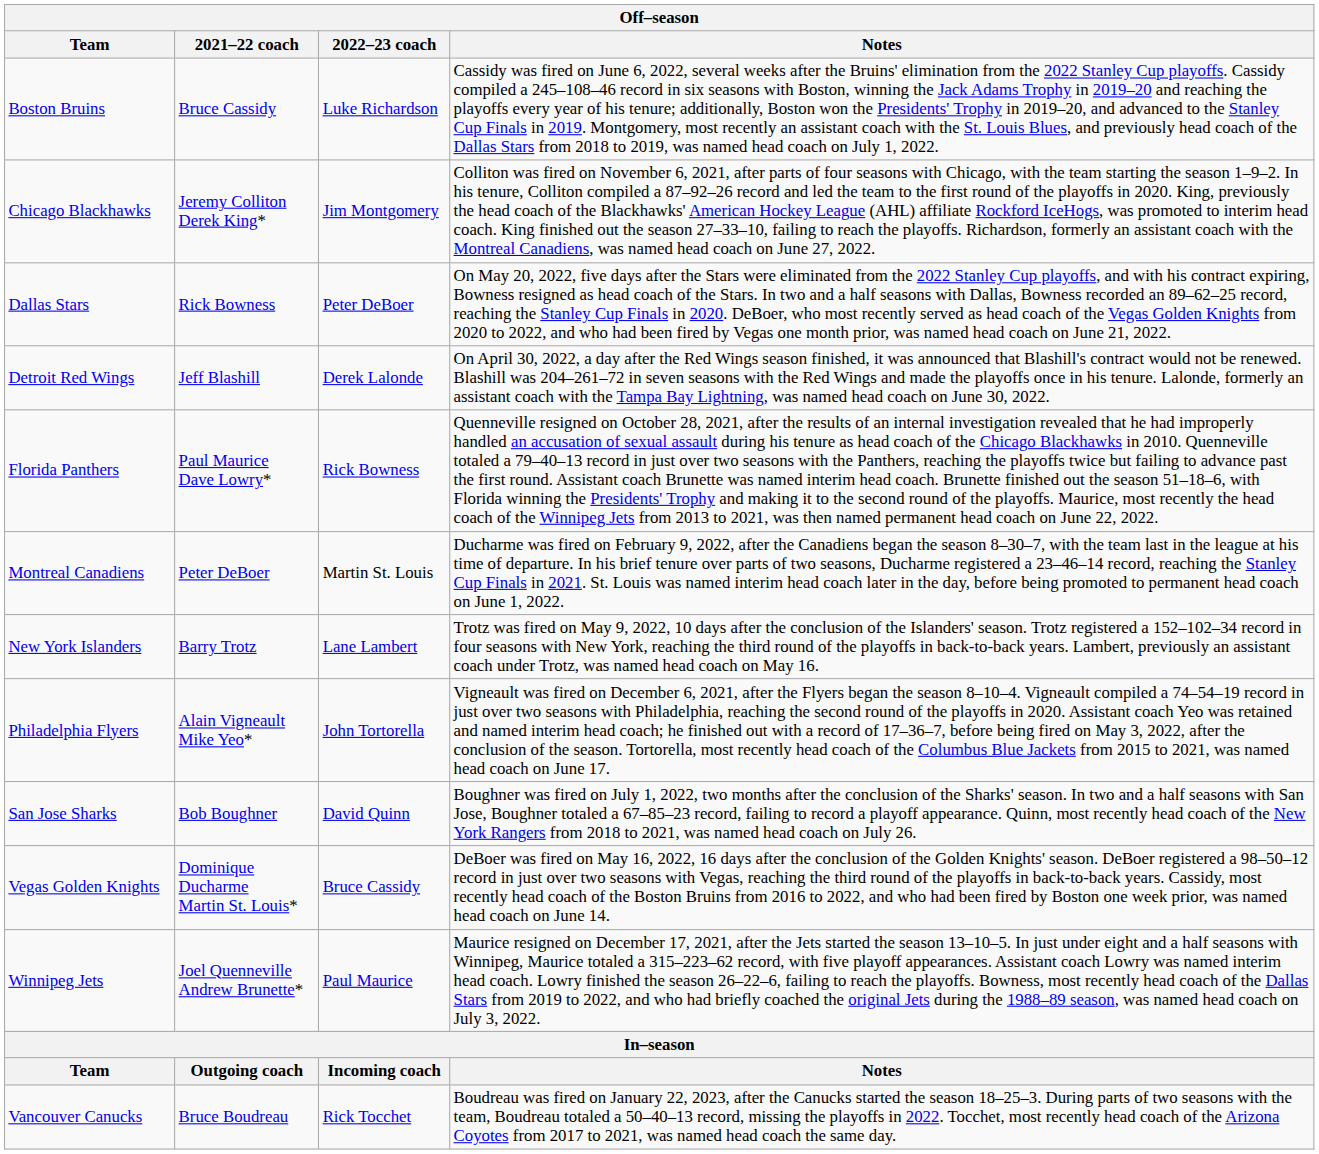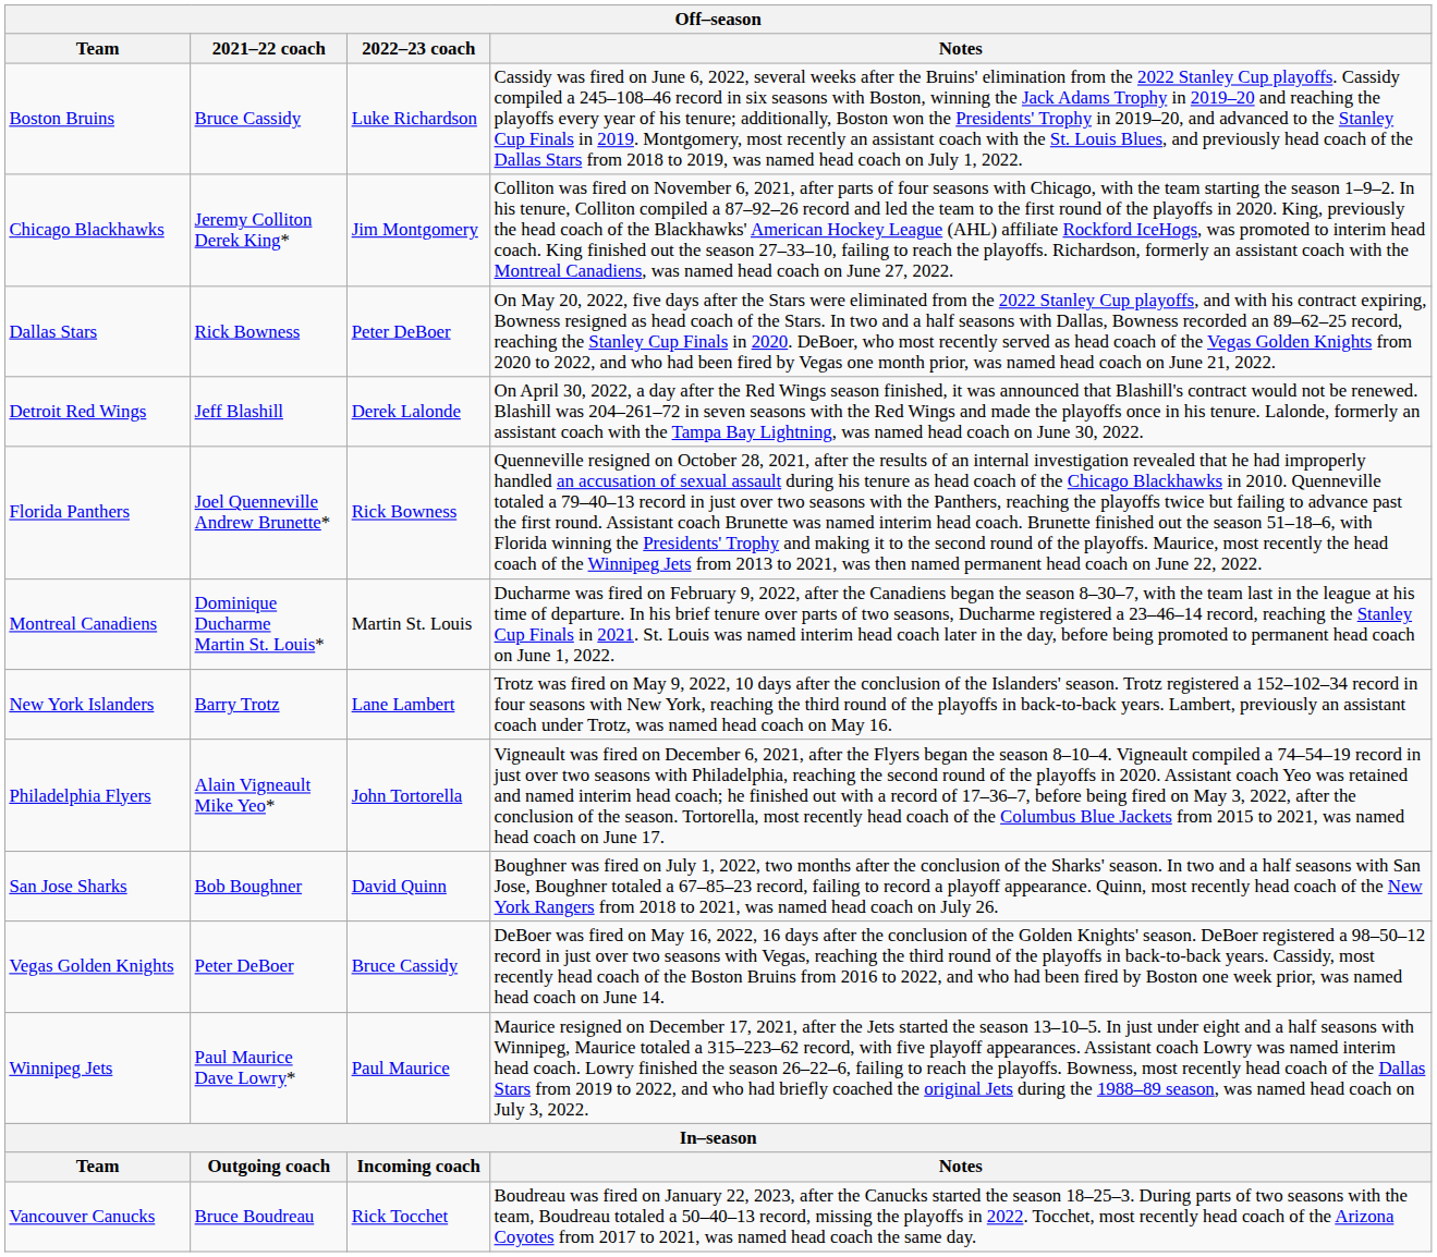 <table class="wikitable">
 <tr>
 <th colspan="4">Off–season</th>
 </tr>
 <tr>
 <th style="width:13%;">Team</th>
 <th style="width:11%;">2021–22 coach</th>
 <th style="width:10%;">2022–23 coach</th>
 <th>Notes</th>
 </tr>
 <tr>
 <td><a href='#'>Boston Bruins</a></td>
 <td><a href='#'>Bruce Cassidy</a></td>
 <td><a href='#'>Luke Richardson</a></td>
 <td>Cassidy was fired on June 6, 2022, several weeks after the Bruins' elimination from the <a href='#'>2022 Stanley Cup playoffs</a>. Cassidy compiled a 245–108–46 record in six seasons with Boston, winning the <a href='#'>Jack Adams Trophy</a> in <a href='#'>2019–20</a> and reaching the playoffs every year of his tenure; additionally, Boston won the <a href='#'>Presidents' Trophy</a> in 2019–20, and advanced to the <a href='#'>Stanley Cup Finals</a> in <a href='#'>2019</a>. Montgomery, most recently an assistant coach with the <a href='#'>St. Louis Blues</a>, and previously head coach of the <a href='#'>Dallas Stars</a> from 2018 to 2019, was named head coach on July 1, 2022.</td>
 </tr>
 <tr>
 <td><a href='#'>Chicago Blackhawks</a></td>
 <td><a href='#'>Jeremy Colliton</a><br><a href='#'>Derek King</a>*</td>
 <td><a href='#'>Jim Montgomery</a></td>
 <td>Colliton was fired on November 6, 2021, after parts of four seasons with Chicago, with the team starting the season 1–9–2. In his tenure, Colliton compiled a 87–92–26 record and led the team to the first round of the playoffs in 2020. King, previously the head coach of the Blackhawks' <a href='#'>American Hockey League</a> (AHL) affiliate <a href='#'>Rockford IceHogs</a>, was promoted to interim head coach. King finished out the season 27–33–10, failing to reach the playoffs. Richardson, formerly an assistant coach with the <a href='#'>Montreal Canadiens</a>, was named head coach on June 27, 2022.</td>
 </tr>
 <tr>
 <td><a href='#'>Dallas Stars</a></td>
 <td><a href='#'>Rick Bowness</a></td>
 <td><a href='#'>Peter DeBoer</a></td>
 <td>On May 20, 2022, five days after the Stars were eliminated from the <a href='#'>2022 Stanley Cup playoffs</a>, and with his contract expiring, Bowness resigned as head coach of the Stars. In two and a half seasons with Dallas, Bowness recorded an 89–62–25 record, reaching the <a href='#'>Stanley Cup Finals</a> in <a href='#'>2020</a>. DeBoer, who most recently served as head coach of the <a href='#'>Vegas Golden Knights</a> from 2020 to 2022, and who had been fired by Vegas one month prior, was named head coach on June 21, 2022.</td>
 </tr>
 <tr>
 <td><a href='#'>Detroit Red Wings</a></td>
 <td><a href='#'>Jeff Blashill</a></td>
 <td><a href='#'>Derek Lalonde</a></td>
 <td>On April 30, 2022, a day after the Red Wings season finished, it was announced that Blashill's contract would not be renewed. Blashill was 204–261–72 in seven seasons with the Red Wings and made the playoffs once in his tenure. Lalonde, formerly an assistant coach with the <a href='#'>Tampa Bay Lightning</a>, was named head coach on June 30, 2022.</td>
 </tr>
 <tr>
 <td><a href='#'>Florida Panthers</a></td>
-<td><a href='#'>Paul Maurice</a><br><a href='#'>Dave Lowry</a>*</td>
+<td><a href='#'>Joel Quenneville</a><br><a href='#'>Andrew Brunette</a>*</td>
 <td><a href='#'>Rick Bowness</a></td>
 <td>Quenneville resigned on October 28, 2021, after the results of an internal investigation revealed that he had improperly handled <a href='#'>an accusation of sexual assault</a> during his tenure as head coach of the <a href='#'>Chicago Blackhawks</a> in 2010. Quenneville totaled a 79–40–13 record in just over two seasons with the Panthers, reaching the playoffs twice but failing to advance past the first round. Assistant coach Brunette was named interim head coach. Brunette finished out the season 51–18–6, with Florida winning the <a href='#'>Presidents' Trophy</a> and making it to the second round of the playoffs. Maurice, most recently the head coach of the <a href='#'>Winnipeg Jets</a> from 2013 to 2021, was then named permanent head coach on June 22, 2022.</td>
 </tr>
 <tr>
 <td><a href='#'>Montreal Canadiens</a></td>
-<td><a href='#'>Peter DeBoer</a></td>
+<td><a href='#'>Dominique Ducharme</a><br><a href='#'>Martin St. Louis</a>*</td>
 <td>Martin St. Louis</td>
 <td>Ducharme was fired on February 9, 2022, after the Canadiens began the season 8–30–7, with the team last in the league at his time of departure. In his brief tenure over parts of two seasons, Ducharme registered a 23–46–14 record, reaching the <a href='#'>Stanley Cup Finals</a> in <a href='#'>2021</a>. St. Louis was named interim head coach later in the day, before being promoted to permanent head coach on June 1, 2022.</td>
 </tr>
 <tr>
 <td><a href='#'>New York Islanders</a></td>
 <td><a href='#'>Barry Trotz</a></td>
 <td><a href='#'>Lane Lambert</a></td>
 <td>Trotz was fired on May 9, 2022, 10 days after the conclusion of the Islanders' season. Trotz registered a 152–102–34 record in four seasons with New York, reaching the third round of the playoffs in back-to-back years. Lambert, previously an assistant coach under Trotz, was named head coach on May 16.</td>
 </tr>
 <tr>
 <td><a href='#'>Philadelphia Flyers</a></td>
 <td><a href='#'>Alain Vigneault</a><br><a href='#'>Mike Yeo</a>*</td>
 <td><a href='#'>John Tortorella</a></td>
 <td>Vigneault was fired on December 6, 2021, after the Flyers began the season 8–10–4. Vigneault compiled a 74–54–19 record in just over two seasons with Philadelphia, reaching the second round of the playoffs in 2020. Assistant coach Yeo was retained and named interim head coach; he finished out with a record of 17–36–7, before being fired on May 3, 2022, after the conclusion of the season. Tortorella, most recently head coach of the <a href='#'>Columbus Blue Jackets</a> from 2015 to 2021, was named head coach on June 17.</td>
 </tr>
 <tr>
 <td><a href='#'>San Jose Sharks</a></td>
 <td><a href='#'>Bob Boughner</a></td>
 <td><a href='#'>David Quinn</a></td>
 <td>Boughner was fired on July 1, 2022, two months after the conclusion of the Sharks' season. In two and a half seasons with San Jose, Boughner totaled a 67–85–23 record, failing to record a playoff appearance. Quinn, most recently head coach of the <a href='#'>New York Rangers</a> from 2018 to 2021, was named head coach on July 26.</td>
 </tr>
 <tr>
 <td><a href='#'>Vegas Golden Knights</a></td>
-<td><a href='#'>Dominique Ducharme</a><br><a href='#'>Martin St. Louis</a>*</td>
+<td><a href='#'>Peter DeBoer</a></td>
 <td><a href='#'>Bruce Cassidy</a></td>
 <td>DeBoer was fired on May 16, 2022, 16 days after the conclusion of the Golden Knights' season. DeBoer registered a 98–50–12 record in just over two seasons with Vegas, reaching the third round of the playoffs in back-to-back years. Cassidy, most recently head coach of the Boston Bruins from 2016 to 2022, and who had been fired by Boston one week prior, was named head coach on June 14.</td>
 </tr>
 <tr>
 <td><a href='#'>Winnipeg Jets</a></td>
-<td><a href='#'>Joel Quenneville</a><br><a href='#'>Andrew Brunette</a>*</td>
+<td><a href='#'>Paul Maurice</a><br><a href='#'>Dave Lowry</a>*</td>
 <td><a href='#'>Paul Maurice</a></td>
 <td>Maurice resigned on December 17, 2021, after the Jets started the season 13–10–5. In just under eight and a half seasons with Winnipeg, Maurice totaled a 315–223–62 record, with five playoff appearances. Assistant coach Lowry was named interim head coach. Lowry finished the season 26–22–6, failing to reach the playoffs. Bowness, most recently head coach of the <a href='#'>Dallas Stars</a> from 2019 to 2022, and who had briefly coached the <a href='#'>original Jets</a> during the <a href='#'>1988–89 season</a>, was named head coach on July 3, 2022.</td>
 </tr>
 <tr>
 <th colspan="4">In–season</th>
 </tr>
 <tr>
 <th style="width":13%;>Team</th>
 <th style="width":11%;>Outgoing coach</th>
 <th style="width":10%;>Incoming coach</th>
 <th>Notes</th>
 </tr>
 <tr>
 <td><a href='#'>Vancouver Canucks</a></td>
 <td><a href='#'>Bruce Boudreau</a></td>
 <td><a href='#'>Rick Tocchet</a></td>
 <td>Boudreau was fired on January 22, 2023, after the Canucks started the season 18–25–3. During parts of two seasons with the team, Boudreau totaled a 50–40–13 record, missing the playoffs in <a href='#'>2022</a>. Tocchet, most recently head coach of the <a href='#'>Arizona Coyotes</a> from 2017 to 2021, was named head coach the same day.</td>
 </tr>
 </table>
